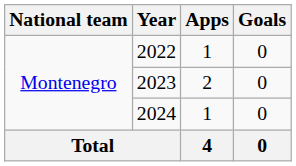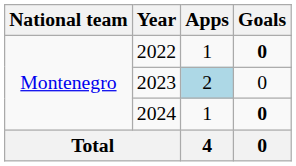 <table class="wikitable" style="text-align:center">
 <tr>
 <th>National team</th>
 <th>Year</th>
 <th>Apps</th>
 <th>Goals</th>
 </tr>
 <tr>
 <td rowspan="3"><a href='#'>Montenegro</a></td>
 <td>2022</td>
 <td>1</td>
-<td>0</td>
+<td><strong>0</strong></td>
 </tr>
 <tr>
 <td>2023</td>
-<td>2</td>
+<td style="background: lightblue;">2</td>
 <td>0</td>
 </tr>
 <tr>
 <td>2024</td>
 <td>1</td>
-<td>0</td>
+<td><strong>0</strong></td>
 </tr>
 <tr>
 <th colspan="2">Total</th>
 <th>4</th>
 <th>0</th>
 </tr>
 </table>
